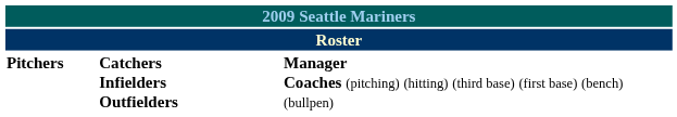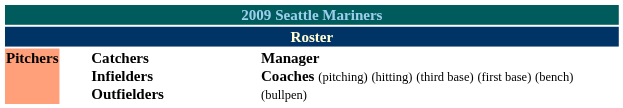 <table class="toccolours" style="font-size: 95%;">
 <tr>
 <th colspan="10" style="background-color: #005c5c; color:#9ECEEE; text-align: center;">2009 Seattle Mariners</th>
 </tr>
 <tr>
 <td colspan="10" style="background-color: #003366; color: #FFFDD0; text-align: center;"><strong>Roster</strong></td>
 </tr>
 <tr>
-<td valign="top"><strong>Pitchers</strong><br>                   </td>
+<td valign="top" style="background: lightsalmon;"><strong>Pitchers</strong><br>                   </td>
 <td width="25px"></td>
 <td valign="top"><strong>Catchers</strong><br>     <strong>Infielders</strong>              <strong>Outfielders</strong>        </td>
 <td width="25px"></td>
 <td valign="top"><strong>Manager</strong><br> <strong>Coaches</strong>  <small>(pitching)</small>  <small>(hitting)</small>  <small>(third base)</small>  <small>(first base)</small>  <small>(bench)</small>  <small>(bullpen)</small></td>
 </tr>
 </table>
